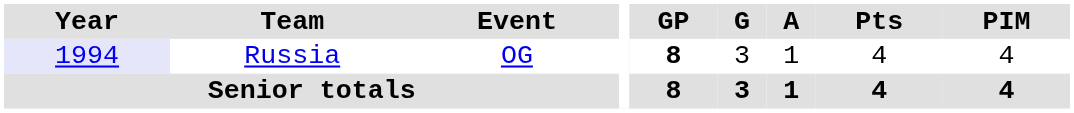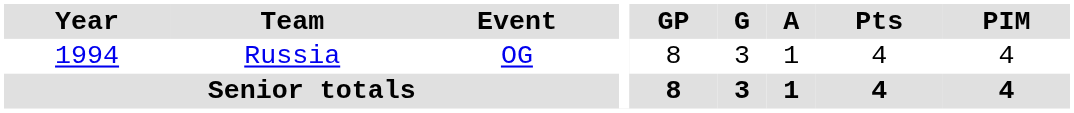 <table border="0" cellpadding="1" cellspacing="0" ID="Table3" style="text-align:center; width:40em">
 <tr ALIGN="center" bgcolor="#e0e0e0">
 <th>Year</th>
 <th>Team</th>
 <th>Event</th>
 <th rowspan="99" bgcolor="#ffffff"></th>
 <th>GP</th>
 <th>G</th>
 <th>A</th>
 <th>Pts</th>
 <th>PIM</th>
 </tr>
 <tr>
-<td style="background: lavender;"><a href='#'>1994</a></td>
+<td><a href='#'>1994</a></td>
 <td><a href='#'>Russia</a></td>
 <td><a href='#'>OG</a></td>
-<td><strong>8</strong></td>
+<td>8</td>
 <td>3</td>
 <td>1</td>
 <td>4</td>
 <td>4</td>
 </tr>
 <tr bgcolor="#e0e0e0">
 <th colspan="3">Senior totals</th>
 <th>8</th>
 <th>3</th>
 <th>1</th>
 <th>4</th>
 <th>4</th>
 </tr>
 </table>
